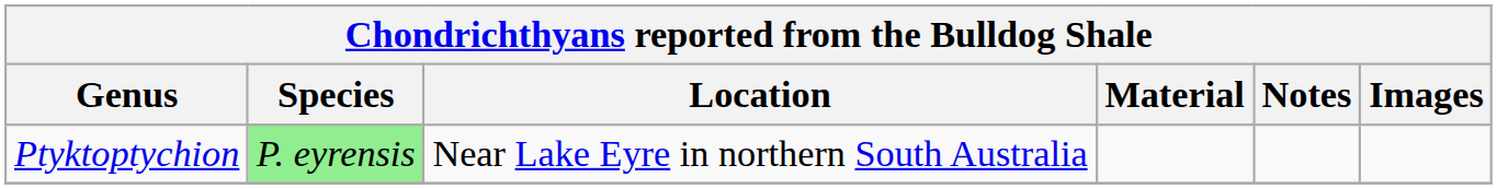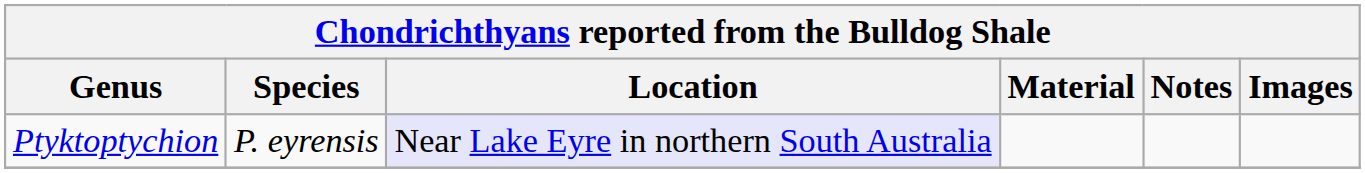 <table class="wikitable sortable" align="center">
 <tr>
 <th colspan="6" align="center"><strong><a href='#'>Chondrichthyans</a> reported from the Bulldog Shale</strong></th>
 </tr>
 <tr>
 <th>Genus</th>
 <th>Species</th>
 <th>Location</th>
 <th>Material</th>
 <th>Notes</th>
 <th>Images</th>
 </tr>
 <tr>
 <td><em><a href='#'>Ptyktoptychion</a></em></td>
-<td style="background: lightgreen;"><em>P. eyrensis</em></td>
-<td>Near <a href='#'>Lake Eyre</a> in northern <a href='#'>South Australia</a></td>
+<td><em>P. eyrensis</em></td>
+<td style="background: lavender;">Near <a href='#'>Lake Eyre</a> in northern <a href='#'>South Australia</a></td>
 <td></td>
 <td></td>
 <td></td>
 </tr>
 <tr>
 </tr>
 </table>
